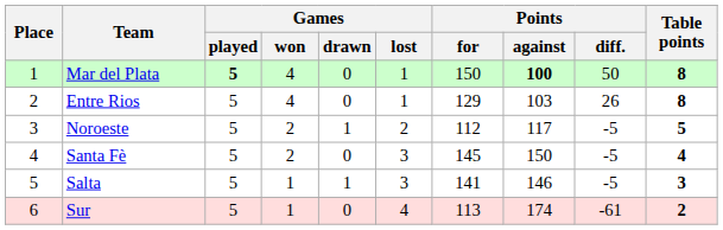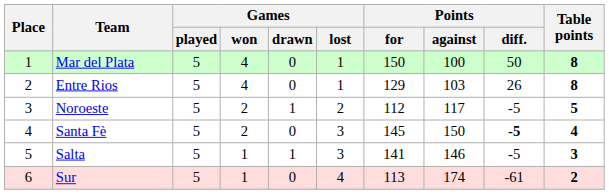 <table class="wikitable">
 <tr>
 <th rowspan=2 width="8%">Place</th>
 <th rowspan=2 width="20%">Team</th>
 <th colspan=4 width="32%">Games</th>
 <th colspan=3 width="30%">Points</th>
 <th rowspan=2 width="10%">Table<br>points</th>
 </tr>
 <tr>
 <th width="8%">played</th>
 <th width="8%">won</th>
 <th width="8%">drawn</th>
 <th width="8%">lost</th>
 <th width="10%">for</th>
 <th width="10%">against</th>
 <th width="10%">diff.</th>
 </tr>
 <tr align=center style="background: #ccffcc;">
 <td>1</td>
 <td align=left><a href='#'>Mar del Plata</a></td>
-<td><strong>5</strong></td>
+<td>5</td>
 <td>4</td>
 <td>0</td>
 <td>1</td>
 <td>150</td>
-<td><strong>100</strong></td>
+<td>100</td>
 <td>50</td>
 <td><strong>8</strong></td>
 </tr>
 <tr align=center style="background: #ffffff;">
 <td>2</td>
 <td align=left><a href='#'>Entre Rios</a></td>
 <td>5</td>
 <td>4</td>
 <td>0</td>
 <td>1</td>
 <td>129</td>
 <td>103</td>
 <td>26</td>
 <td><strong>8</strong></td>
 </tr>
 <tr align=center style="background: #ffffff;">
 <td>3</td>
 <td align=left><a href='#'>Noroeste</a></td>
 <td>5</td>
 <td>2</td>
 <td>1</td>
 <td>2</td>
 <td>112</td>
 <td>117</td>
 <td>-5</td>
 <td><strong>5</strong></td>
 </tr>
 <tr align=center style="background: #ffffff;">
 <td>4</td>
 <td align=left><a href='#'>Santa Fè</a></td>
 <td>5</td>
 <td>2</td>
 <td>0</td>
 <td>3</td>
 <td>145</td>
 <td>150</td>
-<td>-5</td>
+<td><strong>-5</strong></td>
 <td><strong>4</strong></td>
 </tr>
 <tr align=center style="background: #ffffff;">
 <td>5</td>
 <td align=left><a href='#'>Salta</a></td>
 <td>5</td>
 <td>1</td>
 <td>1</td>
 <td>3</td>
 <td>141</td>
 <td>146</td>
 <td>-5</td>
 <td><strong>3</strong></td>
 </tr>
 <tr align=center style="background: #ffdddd;">
 <td>6</td>
 <td align=left><a href='#'>Sur</a></td>
 <td>5</td>
 <td>1</td>
 <td>0</td>
 <td>4</td>
 <td>113</td>
 <td>174</td>
 <td>-61</td>
 <td><strong>2</strong></td>
 </tr>
 </table>
